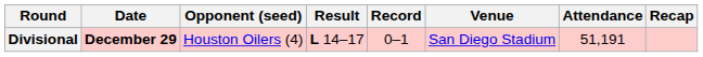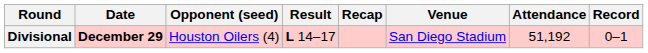 <table class="wikitable" style="text-align:center">
 <tr>
 <th>Round</th>
 <th>Date</th>
 <th>Opponent (seed)</th>
 <th>Result</th>
-<th>Record</th>
+<th>Recap</th>
 <th>Venue</th>
 <th>Attendance</th>
-<th>Recap</th>
+<th>Record</th>
 </tr>
 <tr style="background:#fcc">
 <th>Divisional</th>
 <td><strong>December 29</strong></td>
 <td><a href='#'>Houston Oilers</a> (4)</td>
 <td><strong>L</strong> 14–17</td>
+<td></td>
+<td><a href='#'>San Diego Stadium</a></td>
+<td>51,192</td>
 <td>0–1</td>
-<td><a href='#'>San Diego Stadium</a></td>
-<td>51,191</td>
-<td></td>
 </tr>
 </table>
